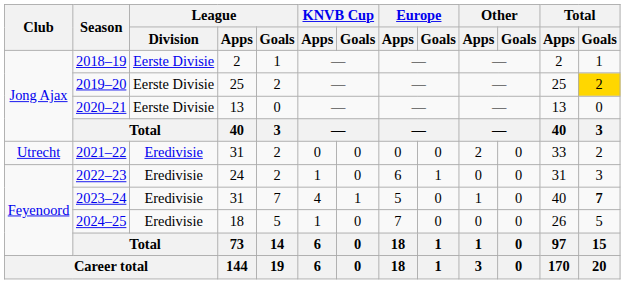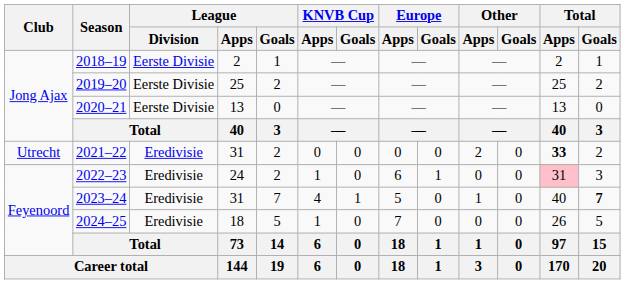 <table class="wikitable" style="text-align:center">
 <tr>
 <th rowspan="2">Club</th>
 <th rowspan="2">Season</th>
 <th colspan="3">League</th>
 <th colspan="2"><a href='#'>KNVB Cup</a></th>
 <th colspan="2"><a href='#'>Europe</a></th>
 <th colspan="2">Other</th>
 <th colspan="2">Total</th>
 </tr>
 <tr>
 <th>Division</th>
 <th>Apps</th>
 <th>Goals</th>
 <th>Apps</th>
 <th>Goals</th>
 <th>Apps</th>
 <th>Goals</th>
 <th>Apps</th>
 <th>Goals</th>
 <th>Apps</th>
 <th>Goals</th>
 </tr>
 <tr>
 <td rowspan="4"><a href='#'>Jong Ajax</a></td>
 <td><a href='#'>2018–19</a></td>
 <td><a href='#'>Eerste Divisie</a></td>
 <td>2</td>
 <td>1</td>
 <td colspan="2">—</td>
 <td colspan="2">—</td>
 <td colspan="2">—</td>
 <td>2</td>
 <td>1</td>
 </tr>
 <tr>
 <td><a href='#'>2019–20</a></td>
 <td>Eerste Divisie</td>
 <td>25</td>
 <td>2</td>
 <td colspan="2">—</td>
 <td colspan="2">—</td>
 <td colspan="2">—</td>
 <td>25</td>
-<td style="background: gold;">2</td>
+<td>2</td>
 </tr>
 <tr>
 <td><a href='#'>2020–21</a></td>
 <td>Eerste Divisie</td>
 <td>13</td>
 <td>0</td>
 <td colspan="2">—</td>
 <td colspan="2">—</td>
 <td colspan="2">—</td>
 <td>13</td>
 <td>0</td>
 </tr>
 <tr>
 <th colspan="2">Total</th>
 <th>40</th>
 <th>3</th>
 <th colspan="2">—</th>
 <th colspan="2">—</th>
 <th colspan="2">—</th>
 <th>40</th>
 <th>3</th>
 </tr>
 <tr>
 <td><a href='#'>Utrecht</a></td>
 <td><a href='#'>2021–22</a></td>
 <td><a href='#'>Eredivisie</a></td>
 <td>31</td>
 <td>2</td>
 <td>0</td>
 <td>0</td>
 <td>0</td>
 <td>0</td>
 <td>2</td>
 <td>0</td>
-<td>33</td>
+<td><strong>33</strong></td>
 <td>2</td>
 </tr>
 <tr>
 <td rowspan="4"><a href='#'>Feyenoord</a></td>
 <td><a href='#'>2022–23</a></td>
 <td>Eredivisie</td>
 <td>24</td>
 <td>2</td>
 <td>1</td>
 <td>0</td>
 <td>6</td>
 <td>1</td>
 <td>0</td>
 <td>0</td>
-<td>31</td>
+<td style="background: pink;">31</td>
 <td>3</td>
 </tr>
 <tr>
 <td><a href='#'>2023–24</a></td>
 <td>Eredivisie</td>
 <td>31</td>
 <td>7</td>
 <td>4</td>
 <td>1</td>
 <td>5</td>
 <td>0</td>
 <td>1</td>
 <td>0</td>
 <td>40</td>
 <td><strong>7</strong></td>
 </tr>
 <tr>
 <td><a href='#'>2024–25</a></td>
 <td>Eredivisie</td>
 <td>18</td>
 <td>5</td>
 <td>1</td>
 <td>0</td>
 <td>7</td>
 <td>0</td>
 <td>0</td>
 <td>0</td>
 <td>26</td>
 <td>5</td>
 </tr>
 <tr>
 <th colspan="2">Total</th>
 <th>73</th>
 <th>14</th>
 <th>6</th>
 <th>0</th>
 <th>18</th>
 <th>1</th>
 <th>1</th>
 <th>0</th>
 <th>97</th>
 <th>15</th>
 </tr>
 <tr>
 <th colspan="3">Career total</th>
 <th>144</th>
 <th>19</th>
 <th>6</th>
 <th>0</th>
 <th>18</th>
 <th>1</th>
 <th>3</th>
 <th>0</th>
 <th>170</th>
 <th>20</th>
 </tr>
 </table>
